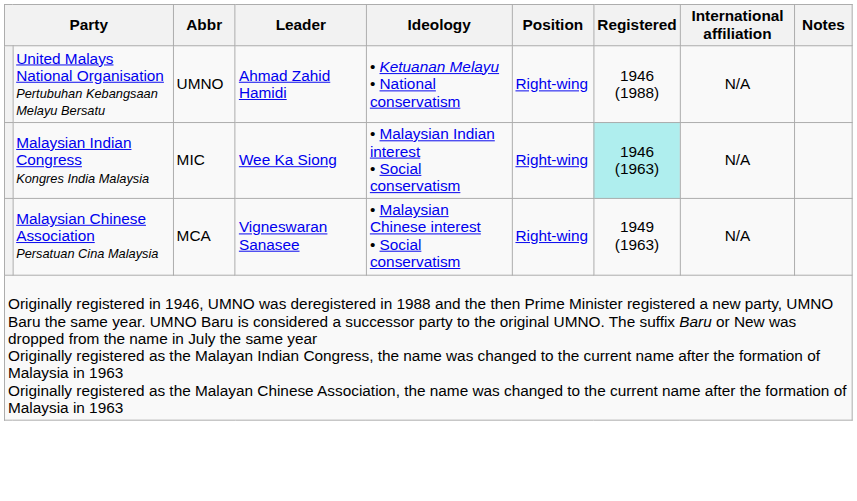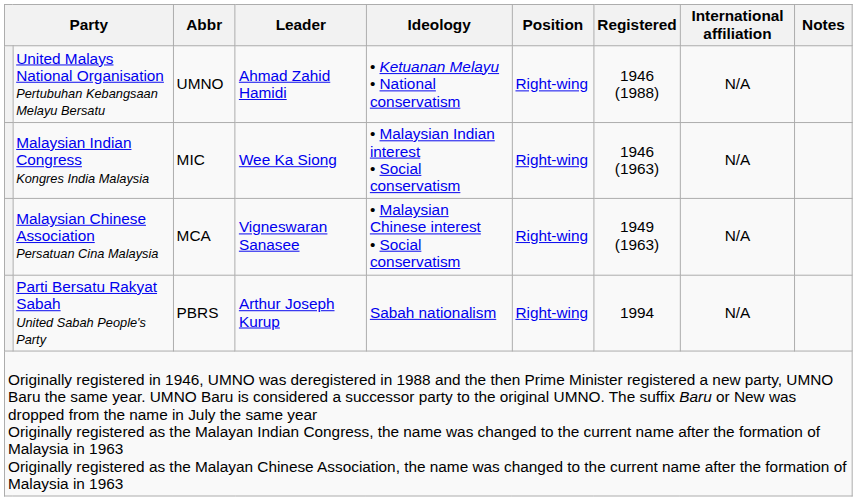 <table class="wikitable sortable collapsible collapsed" width="100%">
 <tr>
 <th colspan="2" scope="col" class="unsortable" width="20px">Party</th>
 <th scope="col" class="unsortable">Abbr</th>
 <th scope="col" class="unsortable">Leader</th>
 <th scope="col" class="unsortable">Ideology</th>
 <th scope="col" class="unsortable">Position</th>
 <th data-sort-type="number" width="10%">Registered</th>
 <th scope="col" class="unsortable">International<br>affiliation</th>
 <th scope="col" class="unsortable">Notes</th>
 </tr>
 <tr>
 <th></th>
 <td><a href='#'>United Malays National Organisation</a><br> <small><em>Pertubuhan Kebangsaan Melayu Bersatu</em></small></td>
 <td>UMNO</td>
 <td><a href='#'>Ahmad Zahid Hamidi</a></td>
 <td>• <em><a href='#'>Ketuanan Melayu</a></em> <br> • <a href='#'>National conservatism</a></td>
 <td><a href='#'>Right-wing</a></td>
 <td style="text-align:center;">1946 (1988)</td>
 <td style="text-align:center;">N/A</td>
 <td style="text-align:center;"></td>
 </tr>
 <tr>
 <th></th>
 <td><a href='#'>Malaysian Indian Congress</a><br> <small><em>Kongres India Malaysia</em></small></td>
 <td>MIC</td>
 <td><a href='#'>Wee Ka Siong</a></td>
 <td>• <a href='#'>Malaysian Indian interest</a> <br> • <a href='#'>Social conservatism</a></td>
 <td><a href='#'>Right-wing</a></td>
-<td style="background: paleturquoise; text-align:center;">1946 (1963)</td>
+<td style="text-align:center;">1946 (1963)</td>
 <td style="text-align:center;">N/A</td>
 <td style="text-align:center;"></td>
 </tr>
 <tr>
 <th></th>
 <td><a href='#'>Malaysian Chinese Association</a><br> <small><em>Persatuan Cina Malaysia</em></small></td>
 <td>MCA</td>
 <td><a href='#'>Vigneswaran Sanasee</a></td>
 <td>• <a href='#'>Malaysian Chinese interest</a> <br> • <a href='#'>Social conservatism</a></td>
 <td><a href='#'>Right-wing</a></td>
 <td style="text-align:center;">1949 (1963)</td>
 <td style="text-align:center;">N/A</td>
 <td style="text-align:center;"></td>
 </tr>
 <tr>
+<th></th>
+<td><a href='#'>Parti Bersatu Rakyat Sabah</a><br> <small><em>United Sabah People's Party</em></small></td>
+<td>PBRS</td>
+<td><a href='#'>Arthur Joseph Kurup</a></td>
+<td><a href='#'>Sabah nationalism</a></td>
+<td><a href='#'>Right-wing</a></td>
+<td style="text-align:center;">1994</td>
+<td style="text-align:center;">N/A</td>
+<td style="text-align:center;"></td>
+</tr>
+<tr>
 <td colspan=9><br> Originally registered in 1946, UMNO was deregistered in 1988 and the then Prime Minister registered a new party, UMNO Baru the same year. UMNO Baru is considered a successor party to the original UMNO. The suffix <em>Baru</em> or New was dropped from the name in July the same year<br>  Originally registered as the Malayan Indian Congress, the name was changed to the current name after the formation of Malaysia in 1963<br>  Originally registered as the Malayan Chinese Association, the name was changed to the current name after the formation of Malaysia in 1963<br></td>
 </tr>
 </table>
